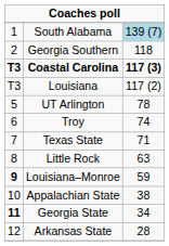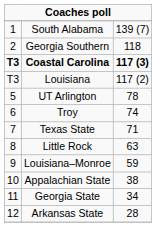 <table class="wikitable">
 <tr align="center">
 <td align="center" Colspan="3"><strong>Coaches poll</strong></td>
 </tr>
 <tr align="center">
 </tr>
 <tr align="center">
 <td>1</td>
 <td>South Alabama</td>
-<td style="background: lightblue;">139 (7)</td>
+<td>139 (7)</td>
 </tr>
 <tr align="center">
 <td>2</td>
 <td>Georgia Southern</td>
 <td>118</td>
 </tr>
 <tr align="center">
 <td><strong>T3</strong></td>
 <td><strong>Coastal Carolina</strong></td>
 <td><strong>117 (3)</strong></td>
 </tr>
 <tr align="center">
 <td>T3</td>
 <td>Louisiana</td>
 <td>117 (2)</td>
 </tr>
 <tr align="center">
 <td>5</td>
 <td>UT Arlington</td>
 <td>78</td>
 </tr>
 <tr align="center">
 <td>6</td>
 <td>Troy</td>
 <td>74</td>
 </tr>
 <tr align="center">
 <td>7</td>
 <td>Texas State</td>
 <td>71</td>
 </tr>
 <tr align="center">
 <td>8</td>
 <td>Little Rock</td>
 <td>63</td>
 </tr>
 <tr align="center">
-<td><strong>9</strong></td>
+<td>9</td>
 <td>Louisiana–Monroe</td>
 <td>59</td>
 </tr>
 <tr align="center">
 <td>10</td>
 <td>Appalachian State</td>
 <td>38</td>
 </tr>
 <tr align="center">
-<td><strong>11</strong></td>
+<td>11</td>
 <td>Georgia State</td>
 <td>34</td>
 </tr>
 <tr align="center">
 <td>12</td>
 <td>Arkansas State</td>
 <td>28</td>
 </tr>
 <tr align="center">
 </tr>
 </table>
